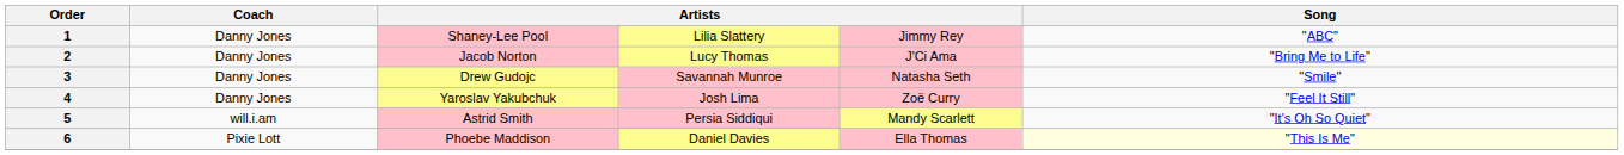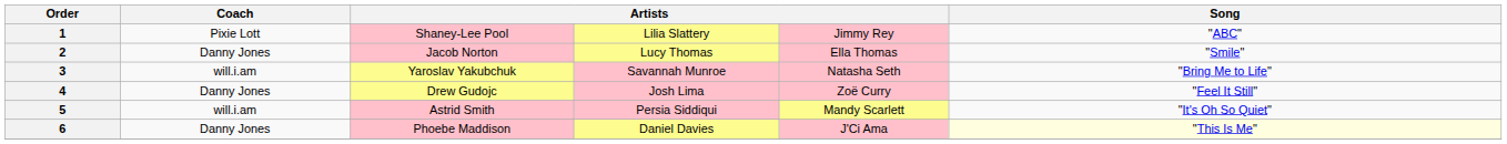 <table class="wikitable" style="text-align:center; width:100%;”">
 <tr>
 <th style="width:05%;">Order</th>
 <th style="width:10%;">Coach</th>
 <th style="width:26%;" colspan="3">Artists</th>
 <th style="width:24%;">Song</th>
 </tr>
 <tr>
 <th scope="col">1</th>
-<td>Danny Jones</td>
+<td>Pixie Lott</td>
 <td style="background:pink;text-align:center;">Shaney-Lee Pool</td>
 <td style="background:#fdfc8f;text-align:center;">Lilia Slattery</td>
 <td style="background:pink;text-align:center;">Jimmy Rey</td>
 <td>"<a href='#'>ABC</a>"</td>
 </tr>
 <tr>
 <th scope="col">2</th>
 <td>Danny Jones</td>
 <td style="background:pink;text-align:center;">Jacob Norton</td>
 <td style="background:#fdfc8f;text-align:center;">Lucy Thomas</td>
-<td style="background:pink;text-align:center;">J'Ci Ama</td>
-<td>"<a href='#'>Bring Me to Life</a>"</td>
+<td style="background:pink;text-align:center;">Ella Thomas</td>
+<td>"<a href='#'>Smile</a>"</td>
 </tr>
 <tr>
 <th scope="col">3</th>
-<td>Danny Jones</td>
-<td style="background:#fdfc8f;text-align:center;">Drew Gudojc</td>
+<td>will.i.am</td>
+<td style="background:#fdfc8f;text-align:center;">Yaroslav Yakubchuk</td>
 <td style="background:pink;text-align:center;">Savannah Munroe</td>
 <td style="background:pink;text-align:center;">Natasha Seth</td>
-<td>"<a href='#'>Smile</a>"</td>
+<td>"<a href='#'>Bring Me to Life</a>"</td>
 </tr>
 <tr>
 <th scope="col">4</th>
 <td>Danny Jones</td>
-<td style="background:#fdfc8f;text-align:center;">Yaroslav Yakubchuk</td>
+<td style="background:#fdfc8f;text-align:center;">Drew Gudojc</td>
 <td style="background:pink;text-align:center;">Josh Lima</td>
 <td style="background:pink;text-align:center;">Zoë Curry</td>
 <td>"<a href='#'>Feel It Still</a>"</td>
 </tr>
 <tr>
 <th scope="col">5</th>
 <td>will.i.am</td>
 <td style="background:pink;text-align:center;">Astrid Smith</td>
 <td style="background:pink;text-align:center;">Persia Siddiqui</td>
 <td style="background:#fdfc8f;text-align:center;">Mandy Scarlett</td>
 <td>"<a href='#'>It's Oh So Quiet</a>"</td>
 </tr>
 <tr>
 <th scope="col">6</th>
-<td>Pixie Lott</td>
+<td>Danny Jones</td>
 <td style="background:pink;text-align:center;">Phoebe Maddison</td>
 <td style="background:#fdfc8f;text-align:center;">Daniel Davies</td>
-<td style="background:pink;text-align:center;">Ella Thomas</td>
+<td style="background:pink;text-align:center;">J'Ci Ama</td>
 <td style="background: lightyellow;">"<a href='#'>This Is Me</a>"</td>
 </tr>
 <tr>
 </tr>
 </table>
